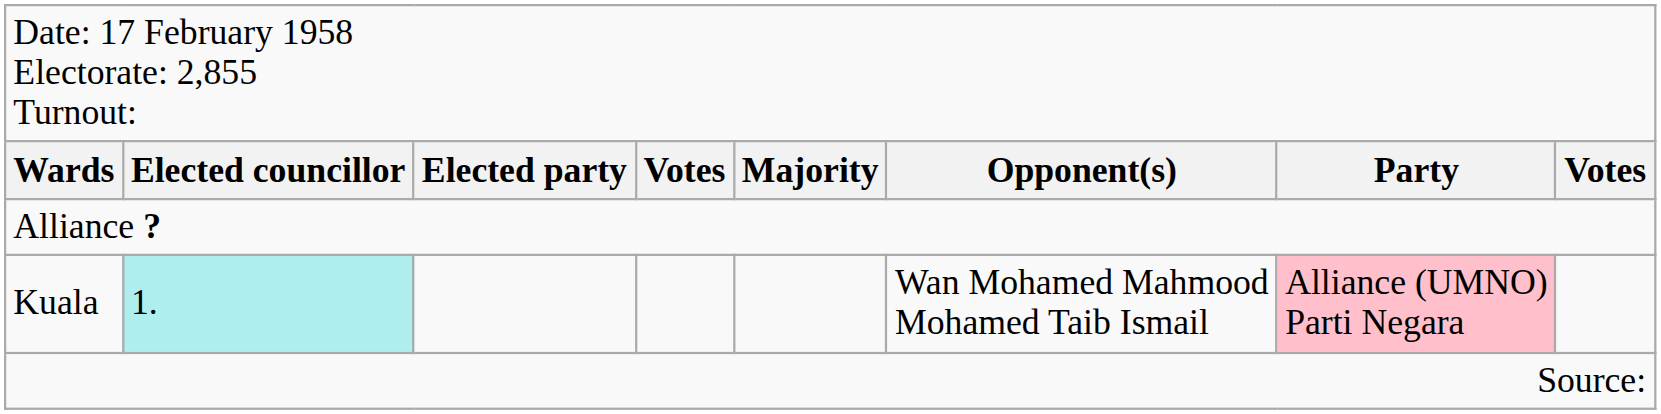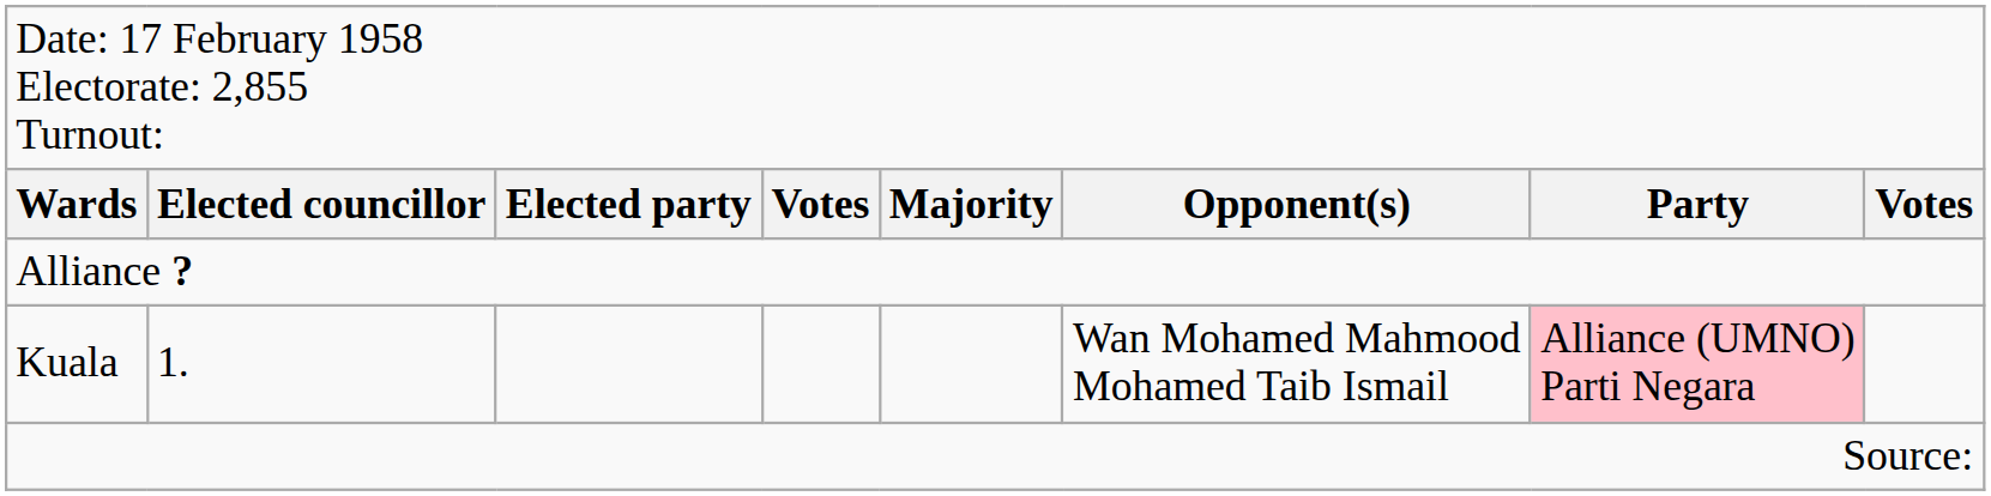 <table class=wikitable>
 <tr>
 <td colspan=9>Date: 17 February 1958<br>Electorate: 2,855<br>Turnout:</td>
 </tr>
 <tr>
 <th>Wards</th>
 <th>Elected councillor</th>
 <th>Elected party</th>
 <th>Votes</th>
 <th>Majority</th>
 <th>Opponent(s)</th>
 <th>Party</th>
 <th>Votes</th>
 </tr>
 <tr>
 <td colspan=9>Alliance <strong>?</strong> </td>
 </tr>
 <tr>
 <td>Kuala</td>
-<td style="background: paleturquoise;">1.</td>
+<td>1.</td>
 <td></td>
 <td></td>
 <td></td>
 <td>Wan Mohamed Mahmood<br>Mohamed Taib Ismail</td>
 <td style="background: pink;">Alliance (UMNO)<br>Parti Negara</td>
 <td></td>
 </tr>
 <tr>
 <td colspan="9" style="text-align:right;">Source: </td>
 </tr>
 </table>
